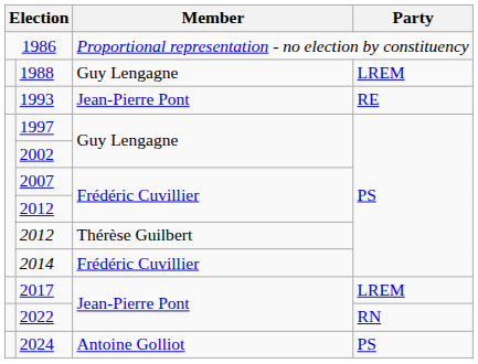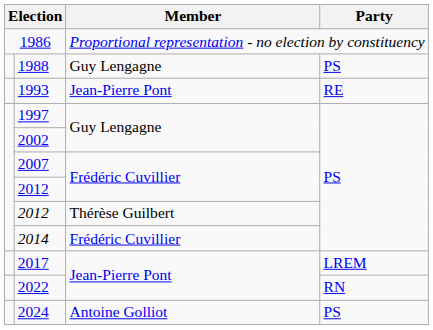 <table class="wikitable">
 <tr>
 <th colspan="2">Election</th>
 <th>Member</th>
 <th>Party</th>
 </tr>
 <tr>
 <td colspan="2" align="center"><a href='#'>1986</a></td>
 <td colspan="2"><em><a href='#'>Proportional representation</a> - no election by constituency</em></td>
 </tr>
 <tr>
 <td style="color:inherit;background-color: "></td>
 <td><a href='#'>1988</a></td>
 <td>Guy Lengagne</td>
-<td><a href='#'>LREM</a></td>
+<td><a href='#'>PS</a></td>
 </tr>
 <tr>
 <td style="color:inherit;background-color: "></td>
 <td><a href='#'>1993</a></td>
 <td><a href='#'>Jean-Pierre Pont</a></td>
 <td><a href='#'>RE</a></td>
 </tr>
 <tr>
 <td rowspan="6" style="color:inherit;background-color: "></td>
 <td><a href='#'>1997</a></td>
 <td rowspan="2">Guy Lengagne</td>
 <td rowspan="6"><a href='#'>PS</a></td>
 </tr>
 <tr>
 <td><a href='#'>2002</a></td>
 </tr>
 <tr>
 <td><a href='#'>2007</a></td>
 <td rowspan="2"><a href='#'>Frédéric Cuvillier</a></td>
 </tr>
 <tr>
 <td><a href='#'>2012</a></td>
 </tr>
 <tr>
 <td><em>2012</em></td>
 <td>Thérèse Guilbert</td>
 </tr>
 <tr>
 <td><em>2014</em></td>
 <td><a href='#'>Frédéric Cuvillier</a></td>
 </tr>
 <tr>
 <td style="color:inherit;background-color: "></td>
 <td><a href='#'>2017</a></td>
 <td rowspan="2"><a href='#'>Jean-Pierre Pont</a></td>
 <td><a href='#'>LREM</a></td>
 </tr>
 <tr>
 <td style="color:inherit;background-color: "></td>
 <td><a href='#'>2022</a></td>
 <td><a href='#'>RN</a></td>
 </tr>
 <tr>
 <td style="color:inherit;background-color: "></td>
 <td><a href='#'>2024</a></td>
 <td><a href='#'>Antoine Golliot</a></td>
 <td><a href='#'>PS</a></td>
 </tr>
 </table>
